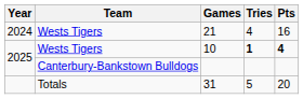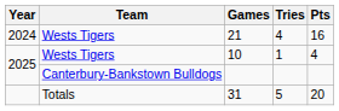 <table class="wikitable">
 <tr>
 <th>Year</th>
 <th>Team</th>
 <th>Games</th>
 <th>Tries</th>
 <th>Pts</th>
 </tr>
 <tr>
 <td>2024</td>
 <td> <a href='#'>Wests Tigers</a></td>
 <td>21</td>
 <td>4</td>
 <td>16</td>
 </tr>
 <tr>
 <td rowspan="2">2025</td>
 <td> <a href='#'>Wests Tigers</a></td>
 <td>10</td>
-<td><strong>1</strong></td>
-<td><strong>4</strong></td>
+<td>1</td>
+<td>4</td>
 </tr>
 <tr>
 <td><a href='#'>Canterbury-Bankstown Bulldogs</a></td>
 <td></td>
 <td></td>
 <td></td>
 </tr>
 <tr>
 <td></td>
 <td>Totals</td>
 <td>31</td>
 <td>5</td>
 <td>20</td>
 </tr>
 </table>
